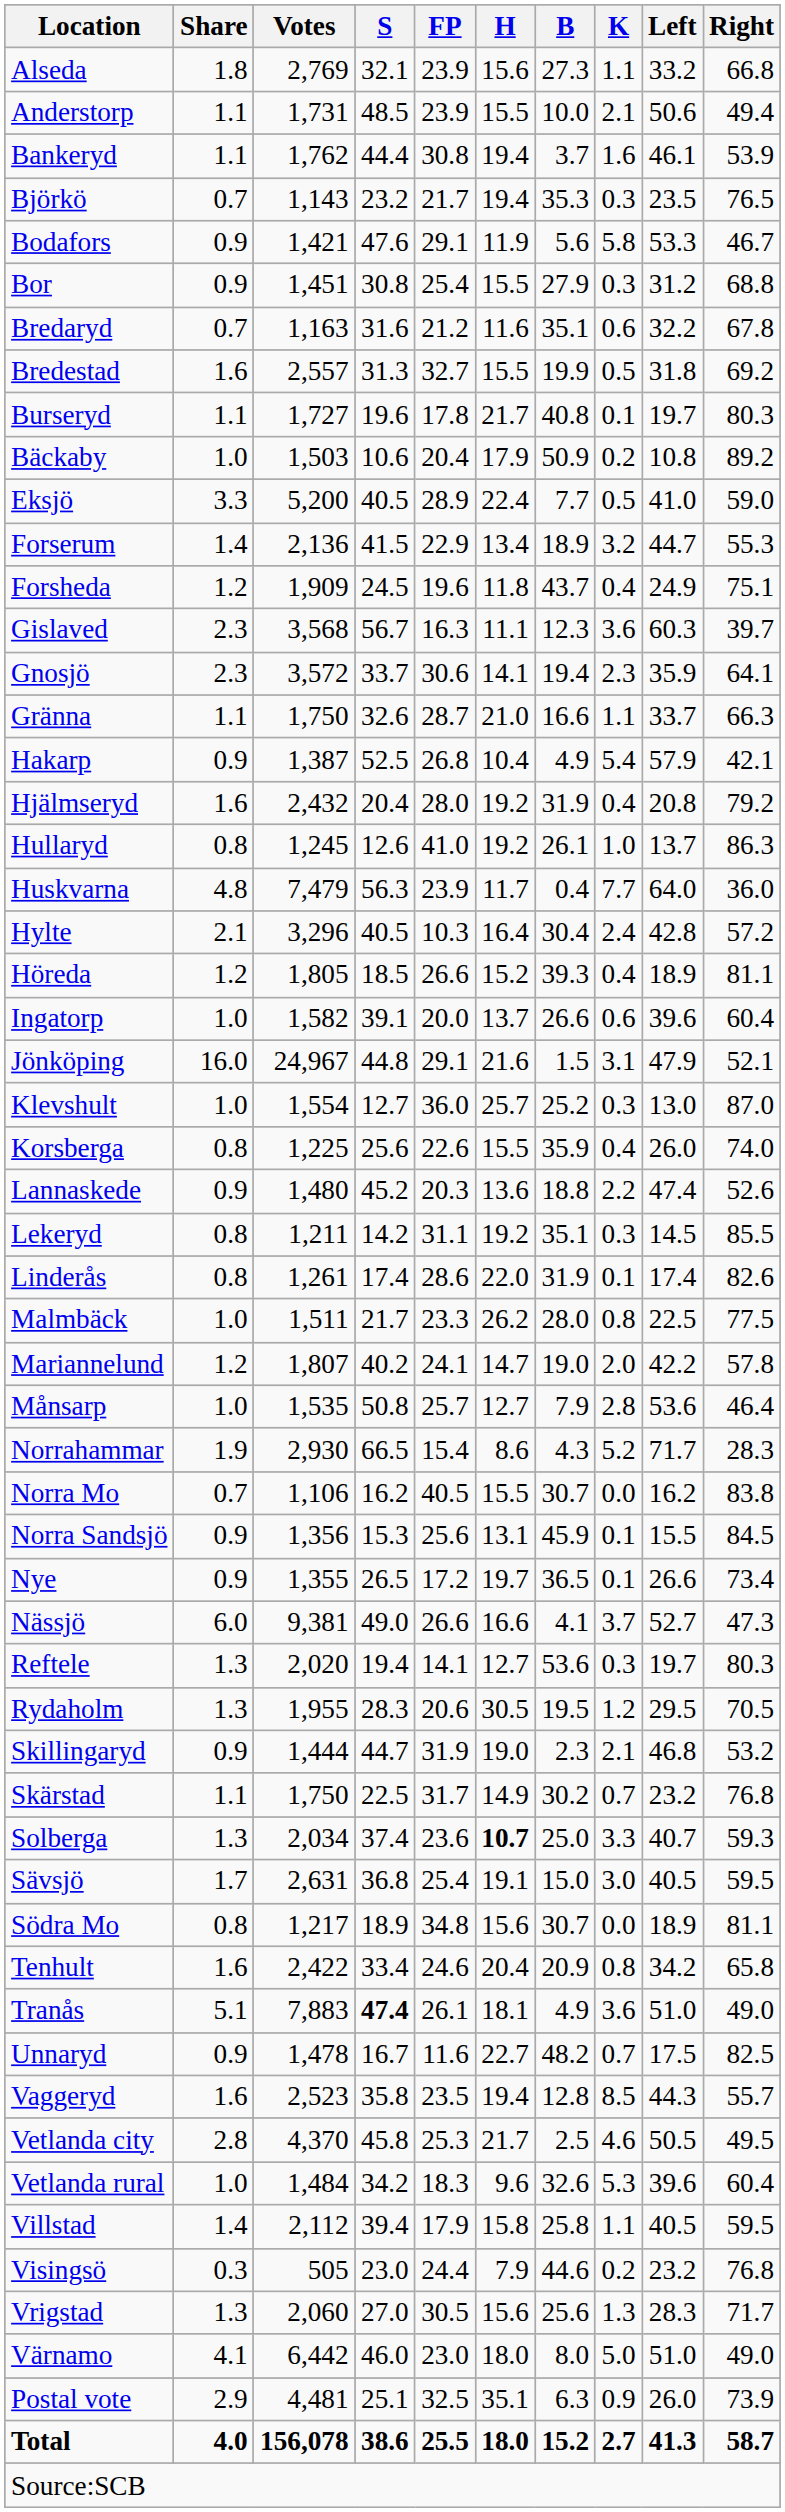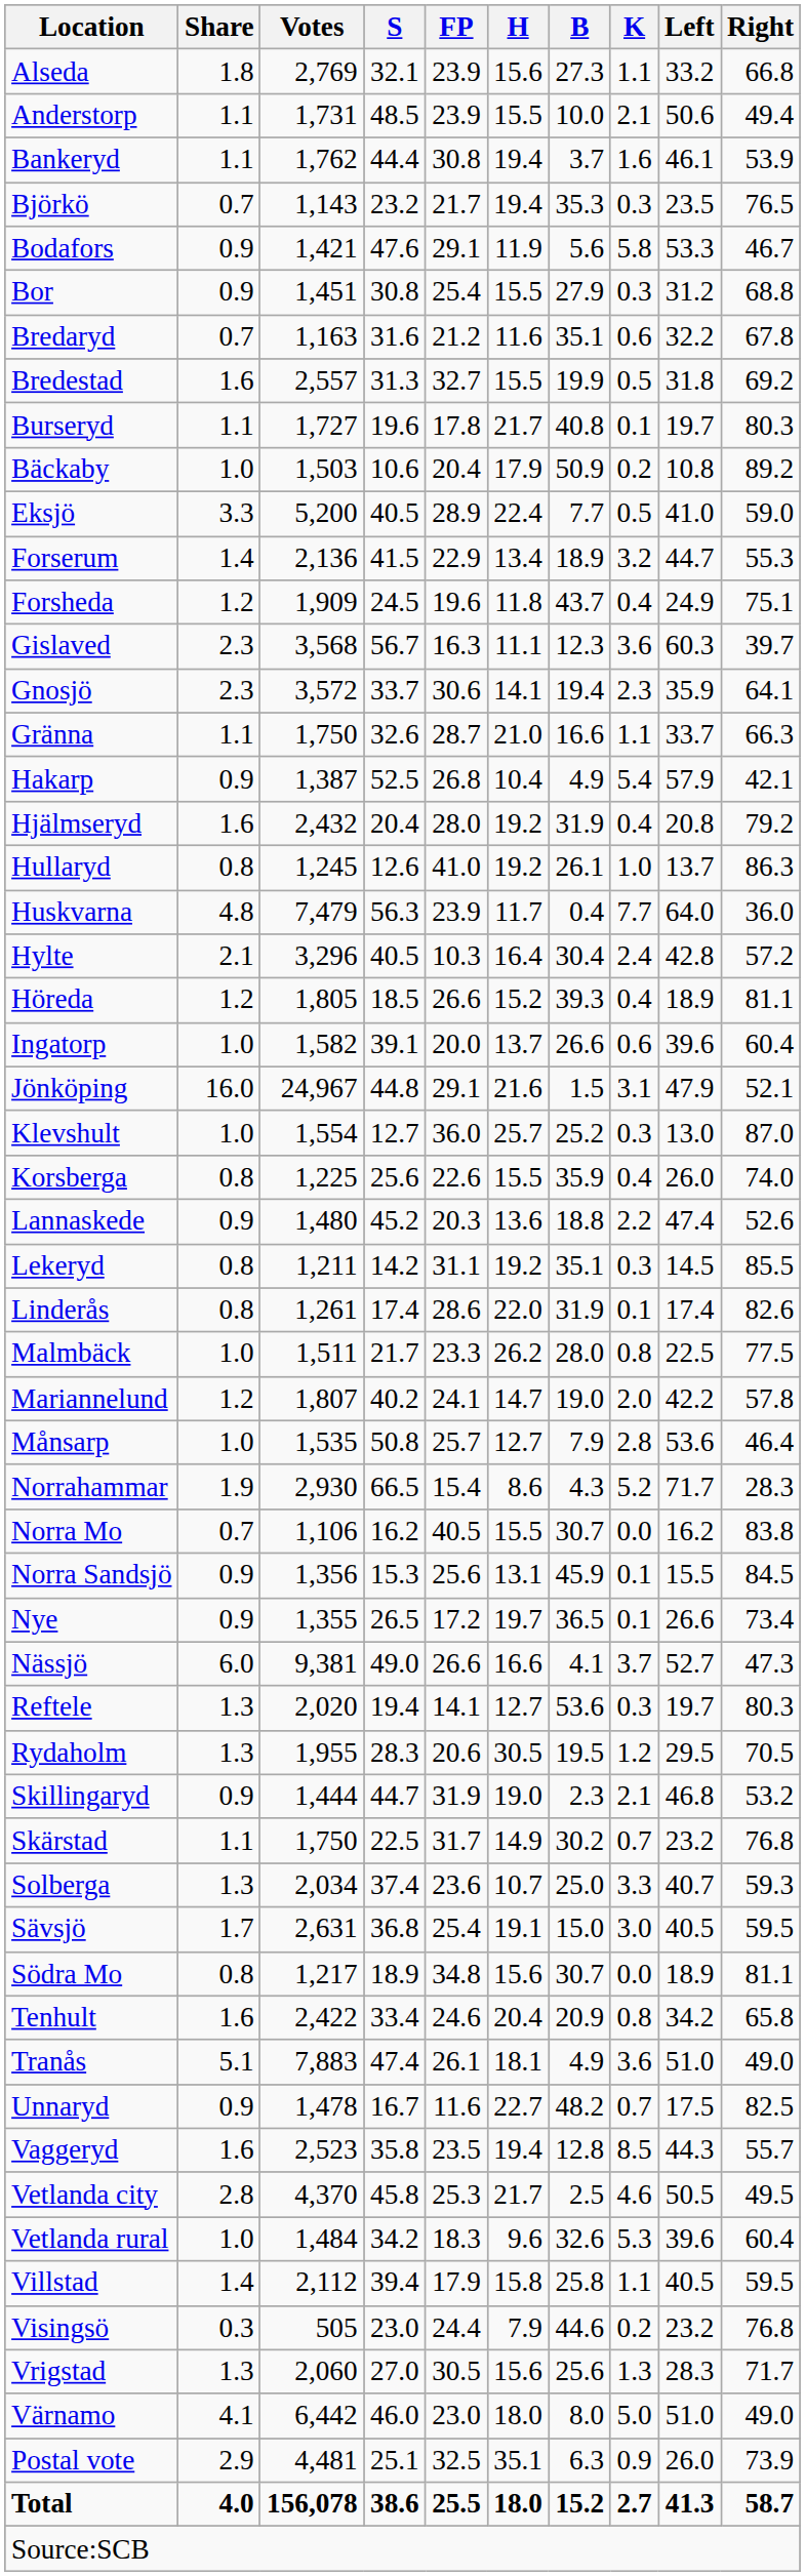 <table class="wikitable sortable" style=text-align:right>
 <tr>
 <th>Location</th>
 <th>Share</th>
 <th>Votes</th>
 <th><a href='#'>S</a></th>
 <th><a href='#'>FP</a></th>
 <th><a href='#'>H</a></th>
 <th><a href='#'>B</a></th>
 <th><a href='#'>K</a></th>
 <th>Left</th>
 <th>Right</th>
 </tr>
 <tr>
 <td align=left><a href='#'>Alseda</a></td>
 <td>1.8</td>
 <td>2,769</td>
 <td>32.1</td>
 <td>23.9</td>
 <td>15.6</td>
 <td>27.3</td>
 <td>1.1</td>
 <td>33.2</td>
 <td>66.8</td>
 </tr>
 <tr>
 <td align=left><a href='#'>Anderstorp</a></td>
 <td>1.1</td>
 <td>1,731</td>
 <td>48.5</td>
 <td>23.9</td>
 <td>15.5</td>
 <td>10.0</td>
 <td>2.1</td>
 <td>50.6</td>
 <td>49.4</td>
 </tr>
 <tr>
 <td align=left><a href='#'>Bankeryd</a></td>
 <td>1.1</td>
 <td>1,762</td>
 <td>44.4</td>
 <td>30.8</td>
 <td>19.4</td>
 <td>3.7</td>
 <td>1.6</td>
 <td>46.1</td>
 <td>53.9</td>
 </tr>
 <tr>
 <td align=left><a href='#'>Björkö</a></td>
 <td>0.7</td>
 <td>1,143</td>
 <td>23.2</td>
 <td>21.7</td>
 <td>19.4</td>
 <td>35.3</td>
 <td>0.3</td>
 <td>23.5</td>
 <td>76.5</td>
 </tr>
 <tr>
 <td align=left><a href='#'>Bodafors</a></td>
 <td>0.9</td>
 <td>1,421</td>
 <td>47.6</td>
 <td>29.1</td>
 <td>11.9</td>
 <td>5.6</td>
 <td>5.8</td>
 <td>53.3</td>
 <td>46.7</td>
 </tr>
 <tr>
 <td align=left><a href='#'>Bor</a></td>
 <td>0.9</td>
 <td>1,451</td>
 <td>30.8</td>
 <td>25.4</td>
 <td>15.5</td>
 <td>27.9</td>
 <td>0.3</td>
 <td>31.2</td>
 <td>68.8</td>
 </tr>
 <tr>
 <td align=left><a href='#'>Bredaryd</a></td>
 <td>0.7</td>
 <td>1,163</td>
 <td>31.6</td>
 <td>21.2</td>
 <td>11.6</td>
 <td>35.1</td>
 <td>0.6</td>
 <td>32.2</td>
 <td>67.8</td>
 </tr>
 <tr>
 <td align=left><a href='#'>Bredestad</a></td>
 <td>1.6</td>
 <td>2,557</td>
 <td>31.3</td>
 <td>32.7</td>
 <td>15.5</td>
 <td>19.9</td>
 <td>0.5</td>
 <td>31.8</td>
 <td>69.2</td>
 </tr>
 <tr>
 <td align=left><a href='#'>Burseryd</a></td>
 <td>1.1</td>
 <td>1,727</td>
 <td>19.6</td>
 <td>17.8</td>
 <td>21.7</td>
 <td>40.8</td>
 <td>0.1</td>
 <td>19.7</td>
 <td>80.3</td>
 </tr>
 <tr>
 <td align=left><a href='#'>Bäckaby</a></td>
 <td>1.0</td>
 <td>1,503</td>
 <td>10.6</td>
 <td>20.4</td>
 <td>17.9</td>
 <td>50.9</td>
 <td>0.2</td>
 <td>10.8</td>
 <td>89.2</td>
 </tr>
 <tr>
 <td align=left><a href='#'>Eksjö</a></td>
 <td>3.3</td>
 <td>5,200</td>
 <td>40.5</td>
 <td>28.9</td>
 <td>22.4</td>
 <td>7.7</td>
 <td>0.5</td>
 <td>41.0</td>
 <td>59.0</td>
 </tr>
 <tr>
 <td align=left><a href='#'>Forserum</a></td>
 <td>1.4</td>
 <td>2,136</td>
 <td>41.5</td>
 <td>22.9</td>
 <td>13.4</td>
 <td>18.9</td>
 <td>3.2</td>
 <td>44.7</td>
 <td>55.3</td>
 </tr>
 <tr>
 <td align=left><a href='#'>Forsheda</a></td>
 <td>1.2</td>
 <td>1,909</td>
 <td>24.5</td>
 <td>19.6</td>
 <td>11.8</td>
 <td>43.7</td>
 <td>0.4</td>
 <td>24.9</td>
 <td>75.1</td>
 </tr>
 <tr>
 <td align=left><a href='#'>Gislaved</a></td>
 <td>2.3</td>
 <td>3,568</td>
 <td>56.7</td>
 <td>16.3</td>
 <td>11.1</td>
 <td>12.3</td>
 <td>3.6</td>
 <td>60.3</td>
 <td>39.7</td>
 </tr>
 <tr>
 <td align=left><a href='#'>Gnosjö</a></td>
 <td>2.3</td>
 <td>3,572</td>
 <td>33.7</td>
 <td>30.6</td>
 <td>14.1</td>
 <td>19.4</td>
 <td>2.3</td>
 <td>35.9</td>
 <td>64.1</td>
 </tr>
 <tr>
 <td align=left><a href='#'>Gränna</a></td>
 <td>1.1</td>
 <td>1,750</td>
 <td>32.6</td>
 <td>28.7</td>
 <td>21.0</td>
 <td>16.6</td>
 <td>1.1</td>
 <td>33.7</td>
 <td>66.3</td>
 </tr>
 <tr>
 <td align=left><a href='#'>Hakarp</a></td>
 <td>0.9</td>
 <td>1,387</td>
 <td>52.5</td>
 <td>26.8</td>
 <td>10.4</td>
 <td>4.9</td>
 <td>5.4</td>
 <td>57.9</td>
 <td>42.1</td>
 </tr>
 <tr>
 <td align=left><a href='#'>Hjälmseryd</a></td>
 <td>1.6</td>
 <td>2,432</td>
 <td>20.4</td>
 <td>28.0</td>
 <td>19.2</td>
 <td>31.9</td>
 <td>0.4</td>
 <td>20.8</td>
 <td>79.2</td>
 </tr>
 <tr>
 <td align=left><a href='#'>Hullaryd</a></td>
 <td>0.8</td>
 <td>1,245</td>
 <td>12.6</td>
 <td>41.0</td>
 <td>19.2</td>
 <td>26.1</td>
 <td>1.0</td>
 <td>13.7</td>
 <td>86.3</td>
 </tr>
 <tr>
 <td align=left><a href='#'>Huskvarna</a></td>
 <td>4.8</td>
 <td>7,479</td>
 <td>56.3</td>
 <td>23.9</td>
 <td>11.7</td>
 <td>0.4</td>
 <td>7.7</td>
 <td>64.0</td>
 <td>36.0</td>
 </tr>
 <tr>
 <td align=left><a href='#'>Hylte</a></td>
 <td>2.1</td>
 <td>3,296</td>
 <td>40.5</td>
 <td>10.3</td>
 <td>16.4</td>
 <td>30.4</td>
 <td>2.4</td>
 <td>42.8</td>
 <td>57.2</td>
 </tr>
 <tr>
 <td align=left><a href='#'>Höreda</a></td>
 <td>1.2</td>
 <td>1,805</td>
 <td>18.5</td>
 <td>26.6</td>
 <td>15.2</td>
 <td>39.3</td>
 <td>0.4</td>
 <td>18.9</td>
 <td>81.1</td>
 </tr>
 <tr>
 <td align=left><a href='#'>Ingatorp</a></td>
 <td>1.0</td>
 <td>1,582</td>
 <td>39.1</td>
 <td>20.0</td>
 <td>13.7</td>
 <td>26.6</td>
 <td>0.6</td>
 <td>39.6</td>
 <td>60.4</td>
 </tr>
 <tr>
 <td align=left><a href='#'>Jönköping</a></td>
 <td>16.0</td>
 <td>24,967</td>
 <td>44.8</td>
 <td>29.1</td>
 <td>21.6</td>
 <td>1.5</td>
 <td>3.1</td>
 <td>47.9</td>
 <td>52.1</td>
 </tr>
 <tr>
 <td align=left><a href='#'>Klevshult</a></td>
 <td>1.0</td>
 <td>1,554</td>
 <td>12.7</td>
 <td>36.0</td>
 <td>25.7</td>
 <td>25.2</td>
 <td>0.3</td>
 <td>13.0</td>
 <td>87.0</td>
 </tr>
 <tr>
 <td align=left><a href='#'>Korsberga</a></td>
 <td>0.8</td>
 <td>1,225</td>
 <td>25.6</td>
 <td>22.6</td>
 <td>15.5</td>
 <td>35.9</td>
 <td>0.4</td>
 <td>26.0</td>
 <td>74.0</td>
 </tr>
 <tr>
 <td align=left><a href='#'>Lannaskede</a></td>
 <td>0.9</td>
 <td>1,480</td>
 <td>45.2</td>
 <td>20.3</td>
 <td>13.6</td>
 <td>18.8</td>
 <td>2.2</td>
 <td>47.4</td>
 <td>52.6</td>
 </tr>
 <tr>
 <td align=left><a href='#'>Lekeryd</a></td>
 <td>0.8</td>
 <td>1,211</td>
 <td>14.2</td>
 <td>31.1</td>
 <td>19.2</td>
 <td>35.1</td>
 <td>0.3</td>
 <td>14.5</td>
 <td>85.5</td>
 </tr>
 <tr>
 <td align=left><a href='#'>Linderås</a></td>
 <td>0.8</td>
 <td>1,261</td>
 <td>17.4</td>
 <td>28.6</td>
 <td>22.0</td>
 <td>31.9</td>
 <td>0.1</td>
 <td>17.4</td>
 <td>82.6</td>
 </tr>
 <tr>
 <td align=left><a href='#'>Malmbäck</a></td>
 <td>1.0</td>
 <td>1,511</td>
 <td>21.7</td>
 <td>23.3</td>
 <td>26.2</td>
 <td>28.0</td>
 <td>0.8</td>
 <td>22.5</td>
 <td>77.5</td>
 </tr>
 <tr>
 <td align=left><a href='#'>Mariannelund</a></td>
 <td>1.2</td>
 <td>1,807</td>
 <td>40.2</td>
 <td>24.1</td>
 <td>14.7</td>
 <td>19.0</td>
 <td>2.0</td>
 <td>42.2</td>
 <td>57.8</td>
 </tr>
 <tr>
 <td align=left><a href='#'>Månsarp</a></td>
 <td>1.0</td>
 <td>1,535</td>
 <td>50.8</td>
 <td>25.7</td>
 <td>12.7</td>
 <td>7.9</td>
 <td>2.8</td>
 <td>53.6</td>
 <td>46.4</td>
 </tr>
 <tr>
 <td align=left><a href='#'>Norrahammar</a></td>
 <td>1.9</td>
 <td>2,930</td>
 <td>66.5</td>
 <td>15.4</td>
 <td>8.6</td>
 <td>4.3</td>
 <td>5.2</td>
 <td>71.7</td>
 <td>28.3</td>
 </tr>
 <tr>
 <td align=left><a href='#'>Norra Mo</a></td>
 <td>0.7</td>
 <td>1,106</td>
 <td>16.2</td>
 <td>40.5</td>
 <td>15.5</td>
 <td>30.7</td>
 <td>0.0</td>
 <td>16.2</td>
 <td>83.8</td>
 </tr>
 <tr>
 <td align=left><a href='#'>Norra Sandsjö</a></td>
 <td>0.9</td>
 <td>1,356</td>
 <td>15.3</td>
 <td>25.6</td>
 <td>13.1</td>
 <td>45.9</td>
 <td>0.1</td>
 <td>15.5</td>
 <td>84.5</td>
 </tr>
 <tr>
 <td align=left><a href='#'>Nye</a></td>
 <td>0.9</td>
 <td>1,355</td>
 <td>26.5</td>
 <td>17.2</td>
 <td>19.7</td>
 <td>36.5</td>
 <td>0.1</td>
 <td>26.6</td>
 <td>73.4</td>
 </tr>
 <tr>
 <td align=left><a href='#'>Nässjö</a></td>
 <td>6.0</td>
 <td>9,381</td>
 <td>49.0</td>
 <td>26.6</td>
 <td>16.6</td>
 <td>4.1</td>
 <td>3.7</td>
 <td>52.7</td>
 <td>47.3</td>
 </tr>
 <tr>
 <td align=left><a href='#'>Reftele</a></td>
 <td>1.3</td>
 <td>2,020</td>
 <td>19.4</td>
 <td>14.1</td>
 <td>12.7</td>
 <td>53.6</td>
 <td>0.3</td>
 <td>19.7</td>
 <td>80.3</td>
 </tr>
 <tr>
 <td align=left><a href='#'>Rydaholm</a></td>
 <td>1.3</td>
 <td>1,955</td>
 <td>28.3</td>
 <td>20.6</td>
 <td>30.5</td>
 <td>19.5</td>
 <td>1.2</td>
 <td>29.5</td>
 <td>70.5</td>
 </tr>
 <tr>
 <td align=left><a href='#'>Skillingaryd</a></td>
 <td>0.9</td>
 <td>1,444</td>
 <td>44.7</td>
 <td>31.9</td>
 <td>19.0</td>
 <td>2.3</td>
 <td>2.1</td>
 <td>46.8</td>
 <td>53.2</td>
 </tr>
 <tr>
 <td align=left><a href='#'>Skärstad</a></td>
 <td>1.1</td>
 <td>1,750</td>
 <td>22.5</td>
 <td>31.7</td>
 <td>14.9</td>
 <td>30.2</td>
 <td>0.7</td>
 <td>23.2</td>
 <td>76.8</td>
 </tr>
 <tr>
 <td align=left><a href='#'>Solberga</a></td>
 <td>1.3</td>
 <td>2,034</td>
 <td>37.4</td>
 <td>23.6</td>
-<td><strong>10.7</strong></td>
+<td>10.7</td>
 <td>25.0</td>
 <td>3.3</td>
 <td>40.7</td>
 <td>59.3</td>
 </tr>
 <tr>
 <td align=left><a href='#'>Sävsjö</a></td>
 <td>1.7</td>
 <td>2,631</td>
 <td>36.8</td>
 <td>25.4</td>
 <td>19.1</td>
 <td>15.0</td>
 <td>3.0</td>
 <td>40.5</td>
 <td>59.5</td>
 </tr>
 <tr>
 <td align=left><a href='#'>Södra Mo</a></td>
 <td>0.8</td>
 <td>1,217</td>
 <td>18.9</td>
 <td>34.8</td>
 <td>15.6</td>
 <td>30.7</td>
 <td>0.0</td>
 <td>18.9</td>
 <td>81.1</td>
 </tr>
 <tr>
 <td align=left><a href='#'>Tenhult</a></td>
 <td>1.6</td>
 <td>2,422</td>
 <td>33.4</td>
 <td>24.6</td>
 <td>20.4</td>
 <td>20.9</td>
 <td>0.8</td>
 <td>34.2</td>
 <td>65.8</td>
 </tr>
 <tr>
 <td align=left><a href='#'>Tranås</a></td>
 <td>5.1</td>
 <td>7,883</td>
-<td><strong>47.4</strong></td>
+<td>47.4</td>
 <td>26.1</td>
 <td>18.1</td>
 <td>4.9</td>
 <td>3.6</td>
 <td>51.0</td>
 <td>49.0</td>
 </tr>
 <tr>
 <td align=left><a href='#'>Unnaryd</a></td>
 <td>0.9</td>
 <td>1,478</td>
 <td>16.7</td>
 <td>11.6</td>
 <td>22.7</td>
 <td>48.2</td>
 <td>0.7</td>
 <td>17.5</td>
 <td>82.5</td>
 </tr>
 <tr>
 <td align=left><a href='#'>Vaggeryd</a></td>
 <td>1.6</td>
 <td>2,523</td>
 <td>35.8</td>
 <td>23.5</td>
 <td>19.4</td>
 <td>12.8</td>
 <td>8.5</td>
 <td>44.3</td>
 <td>55.7</td>
 </tr>
 <tr>
 <td align=left><a href='#'>Vetlanda city</a></td>
 <td>2.8</td>
 <td>4,370</td>
 <td>45.8</td>
 <td>25.3</td>
 <td>21.7</td>
 <td>2.5</td>
 <td>4.6</td>
 <td>50.5</td>
 <td>49.5</td>
 </tr>
 <tr>
 <td align=left><a href='#'>Vetlanda rural</a></td>
 <td>1.0</td>
 <td>1,484</td>
 <td>34.2</td>
 <td>18.3</td>
 <td>9.6</td>
 <td>32.6</td>
 <td>5.3</td>
 <td>39.6</td>
 <td>60.4</td>
 </tr>
 <tr>
 <td align=left><a href='#'>Villstad</a></td>
 <td>1.4</td>
 <td>2,112</td>
 <td>39.4</td>
 <td>17.9</td>
 <td>15.8</td>
 <td>25.8</td>
 <td>1.1</td>
 <td>40.5</td>
 <td>59.5</td>
 </tr>
 <tr>
 <td align=left><a href='#'>Visingsö</a></td>
 <td>0.3</td>
 <td>505</td>
 <td>23.0</td>
 <td>24.4</td>
 <td>7.9</td>
 <td>44.6</td>
 <td>0.2</td>
 <td>23.2</td>
 <td>76.8</td>
 </tr>
 <tr>
 <td align=left><a href='#'>Vrigstad</a></td>
 <td>1.3</td>
 <td>2,060</td>
 <td>27.0</td>
 <td>30.5</td>
 <td>15.6</td>
 <td>25.6</td>
 <td>1.3</td>
 <td>28.3</td>
 <td>71.7</td>
 </tr>
 <tr>
 <td align=left><a href='#'>Värnamo</a></td>
 <td>4.1</td>
 <td>6,442</td>
 <td>46.0</td>
 <td>23.0</td>
 <td>18.0</td>
 <td>8.0</td>
 <td>5.0</td>
 <td>51.0</td>
 <td>49.0</td>
 </tr>
 <tr>
 <td align=left><a href='#'>Postal vote</a></td>
 <td>2.9</td>
 <td>4,481</td>
 <td>25.1</td>
 <td>32.5</td>
 <td>35.1</td>
 <td>6.3</td>
 <td>0.9</td>
 <td>26.0</td>
 <td>73.9</td>
 </tr>
 <tr>
 <td align=left><strong>Total</strong></td>
 <td><strong>4.0</strong></td>
 <td><strong>156,078</strong></td>
 <td><strong>38.6</strong></td>
 <td><strong>25.5</strong></td>
 <td><strong>18.0</strong></td>
 <td><strong>15.2</strong></td>
 <td><strong>2.7</strong></td>
 <td><strong>41.3</strong></td>
 <td><strong>58.7</strong></td>
 </tr>
 <tr>
 <td align=left colspan=10>Source:SCB </td>
 </tr>
 </table>
